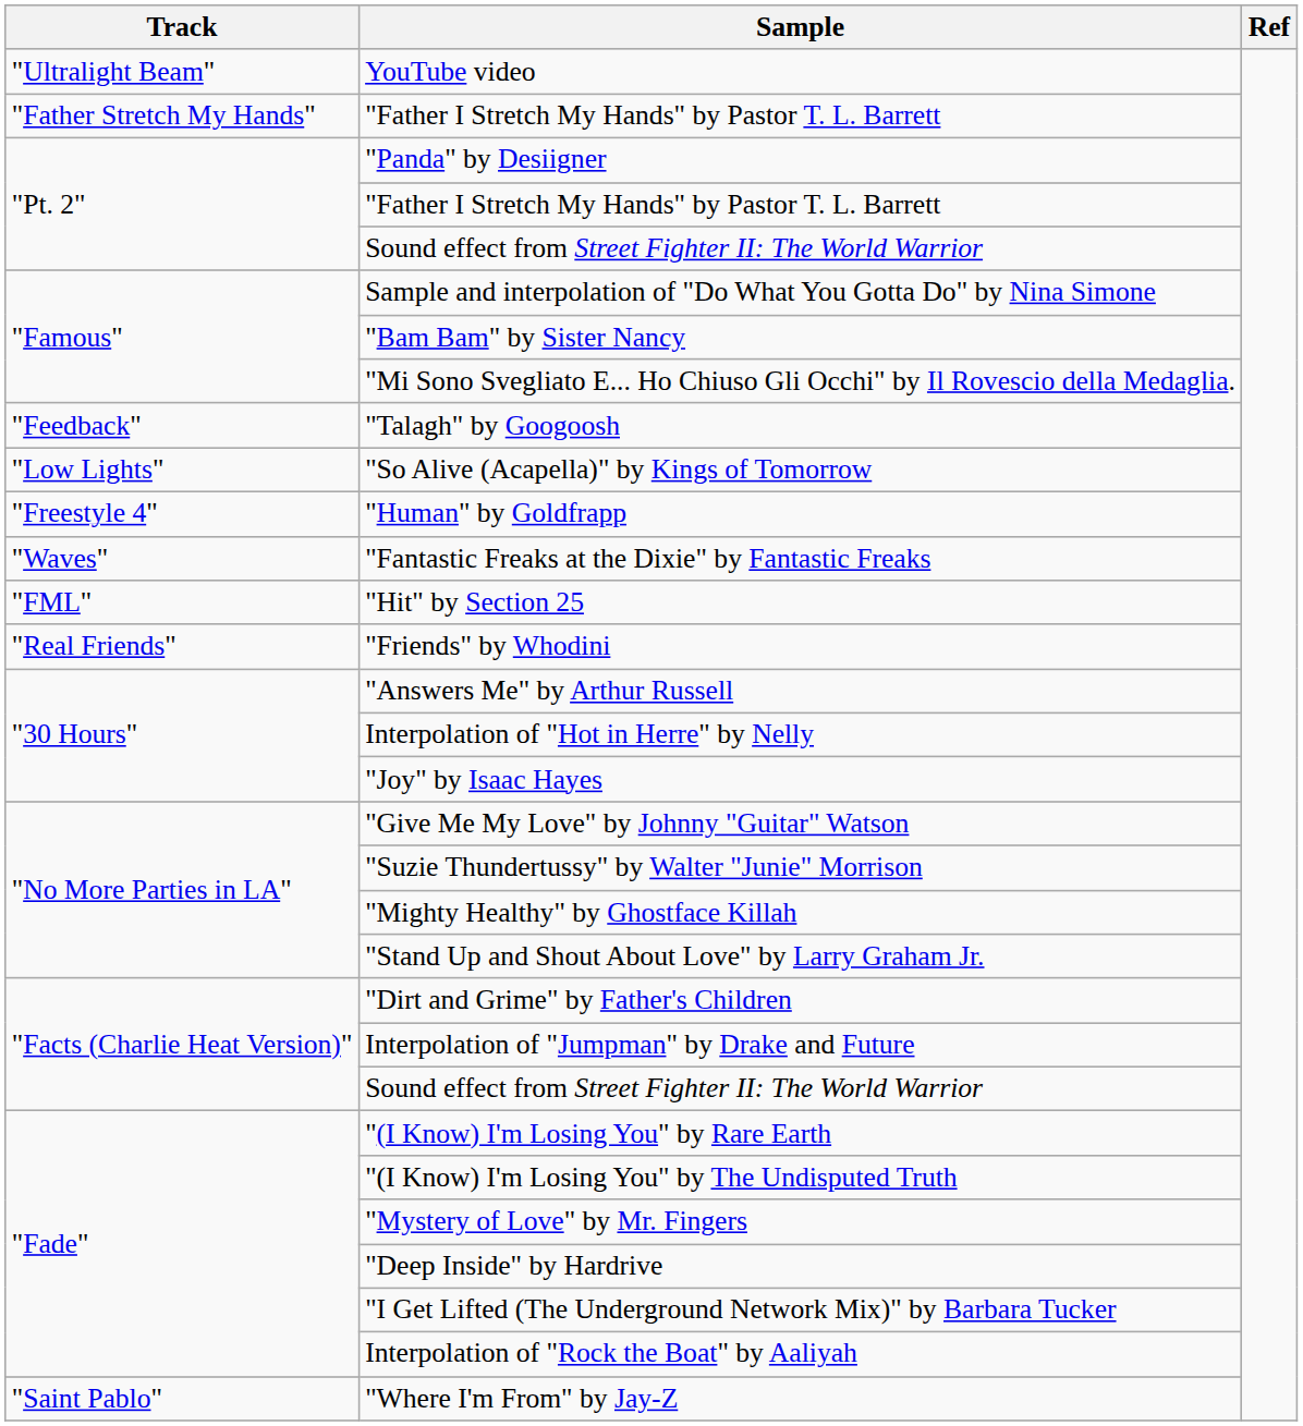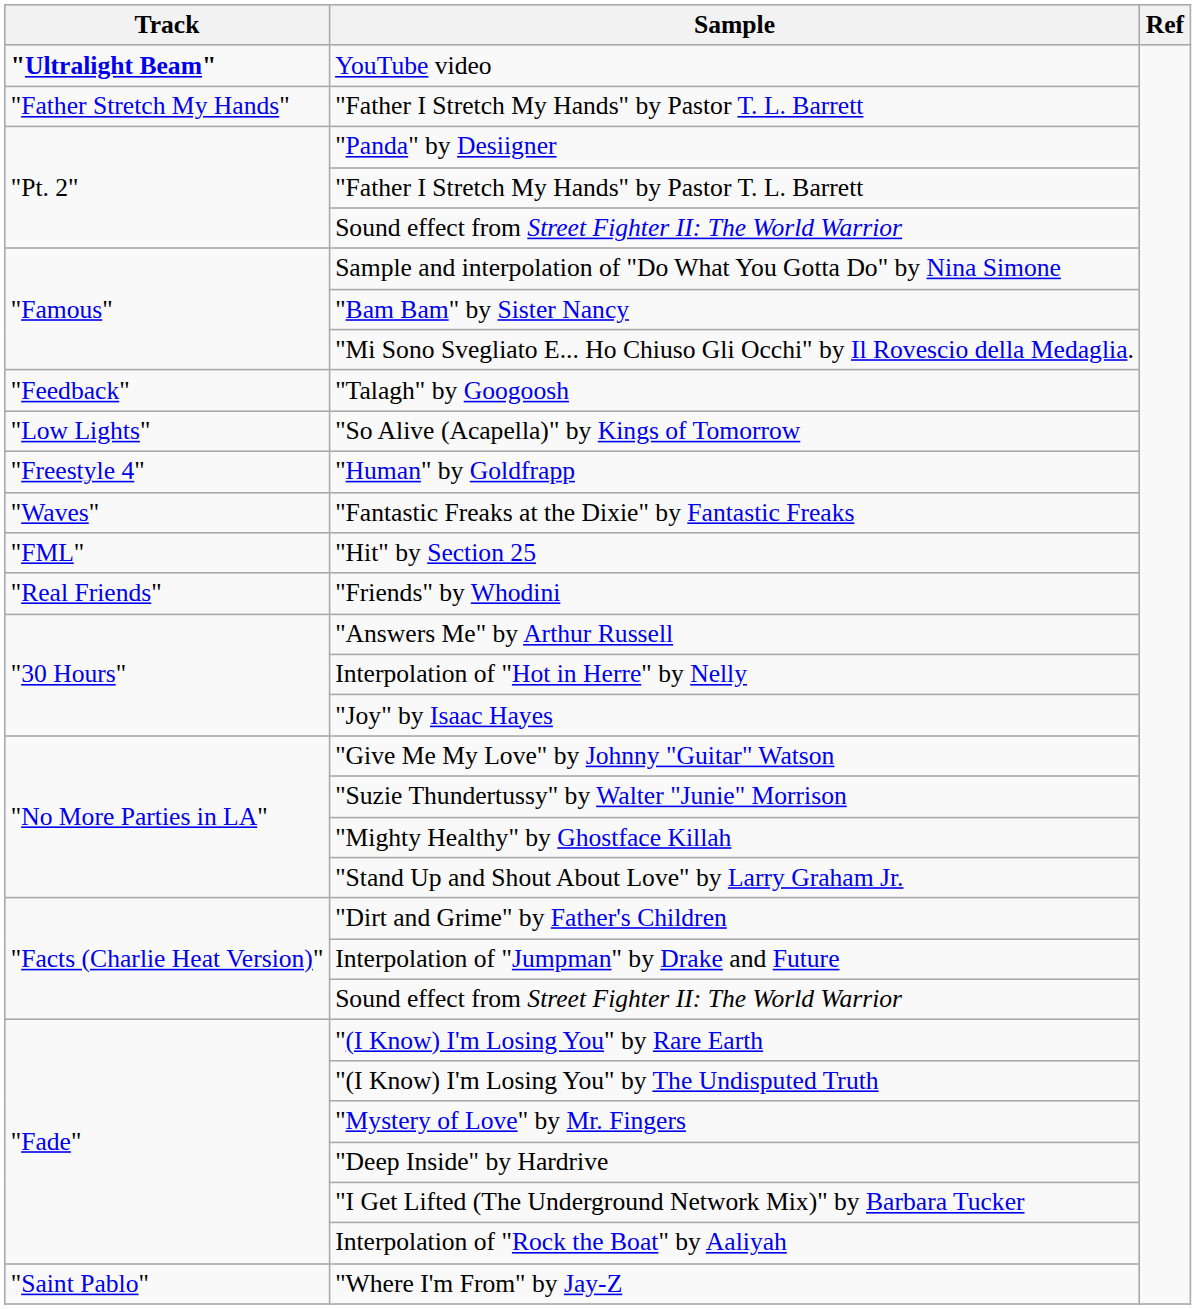 <table class="wikitable">
 <tr>
 <th>Track</th>
 <th>Sample</th>
 <th>Ref</th>
 </tr>
 <tr>
-<td>"<a href='#'>Ultralight Beam</a>"</td>
+<td><strong>"<a href='#'>Ultralight Beam</a>"</strong></td>
 <td><a href='#'>YouTube</a> video</td>
 <td rowspan="31"></td>
 </tr>
 <tr>
 <td>"<a href='#'>Father Stretch My Hands</a>"</td>
 <td>"Father I Stretch My Hands" by Pastor <a href='#'>T. L. Barrett</a></td>
 </tr>
 <tr>
 <td rowspan="3">"Pt. 2"</td>
 <td>"<a href='#'>Panda</a>" by <a href='#'>Desiigner</a></td>
 </tr>
 <tr>
 <td>"Father I Stretch My Hands" by Pastor T. L. Barrett</td>
 </tr>
 <tr>
 <td>Sound effect from <em><a href='#'>Street Fighter II: The World Warrior</a></em></td>
 </tr>
 <tr>
 <td rowspan="3">"<a href='#'>Famous</a>"</td>
 <td>Sample and interpolation of "Do What You Gotta Do" by <a href='#'>Nina Simone</a></td>
 </tr>
 <tr>
 <td>"<a href='#'>Bam Bam</a>" by <a href='#'>Sister Nancy</a></td>
 </tr>
 <tr>
 <td>"Mi Sono Svegliato E... Ho Chiuso Gli Occhi" by <a href='#'>Il Rovescio della Medaglia</a>.</td>
 </tr>
 <tr>
 <td>"<a href='#'>Feedback</a>"</td>
 <td>"Talagh" by <a href='#'>Googoosh</a></td>
 </tr>
 <tr>
 <td>"<a href='#'>Low Lights</a>"</td>
 <td>"So Alive (Acapella)" by <a href='#'>Kings of Tomorrow</a></td>
 </tr>
 <tr>
 <td>"<a href='#'>Freestyle 4</a>"</td>
 <td>"<a href='#'>Human</a>" by <a href='#'>Goldfrapp</a></td>
 </tr>
 <tr>
 <td>"<a href='#'>Waves</a>"</td>
 <td>"Fantastic Freaks at the Dixie" by <a href='#'>Fantastic Freaks</a></td>
 </tr>
 <tr>
 <td>"<a href='#'>FML</a>"</td>
 <td>"Hit" by <a href='#'>Section 25</a></td>
 </tr>
 <tr>
 <td>"<a href='#'>Real Friends</a>"</td>
 <td>"Friends" by <a href='#'>Whodini</a></td>
 </tr>
 <tr>
 <td rowspan="3">"<a href='#'>30 Hours</a>"</td>
 <td>"Answers Me" by <a href='#'>Arthur Russell</a></td>
 </tr>
 <tr>
 <td>Interpolation of "<a href='#'>Hot in Herre</a>" by <a href='#'>Nelly</a></td>
 </tr>
 <tr>
 <td>"Joy" by <a href='#'>Isaac Hayes</a></td>
 </tr>
 <tr>
 <td rowspan="4">"<a href='#'>No More Parties in LA</a>"</td>
 <td>"Give Me My Love" by <a href='#'>Johnny "Guitar" Watson</a></td>
 </tr>
 <tr>
 <td>"Suzie Thundertussy" by <a href='#'>Walter "Junie" Morrison</a></td>
 </tr>
 <tr>
 <td>"Mighty Healthy" by <a href='#'>Ghostface Killah</a></td>
 </tr>
 <tr>
 <td>"Stand Up and Shout About Love" by <a href='#'>Larry Graham Jr.</a></td>
 </tr>
 <tr>
 <td rowspan="3">"<a href='#'>Facts (Charlie Heat Version)</a>"</td>
 <td>"Dirt and Grime" by <a href='#'>Father's Children</a></td>
 </tr>
 <tr>
 <td>Interpolation of "<a href='#'>Jumpman</a>" by <a href='#'>Drake</a> and <a href='#'>Future</a></td>
 </tr>
 <tr>
 <td>Sound effect from <em>Street Fighter II: The World Warrior</em></td>
 </tr>
 <tr>
 <td rowspan="6">"<a href='#'>Fade</a>"</td>
 <td>"<a href='#'>(I Know) I'm Losing You</a>" by <a href='#'>Rare Earth</a></td>
 </tr>
 <tr>
 <td>"(I Know) I'm Losing You" by <a href='#'>The Undisputed Truth</a></td>
 </tr>
 <tr>
 <td>"<a href='#'>Mystery of Love</a>" by <a href='#'>Mr. Fingers</a></td>
 </tr>
 <tr>
 <td>"Deep Inside" by Hardrive</td>
 </tr>
 <tr>
 <td>"I Get Lifted (The Underground Network Mix)" by <a href='#'>Barbara Tucker</a></td>
 </tr>
 <tr>
 <td>Interpolation of "<a href='#'>Rock the Boat</a>" by <a href='#'>Aaliyah</a></td>
 </tr>
 <tr>
 <td>"<a href='#'>Saint Pablo</a>"</td>
 <td>"Where I'm From" by <a href='#'>Jay-Z</a></td>
 </tr>
 </table>
